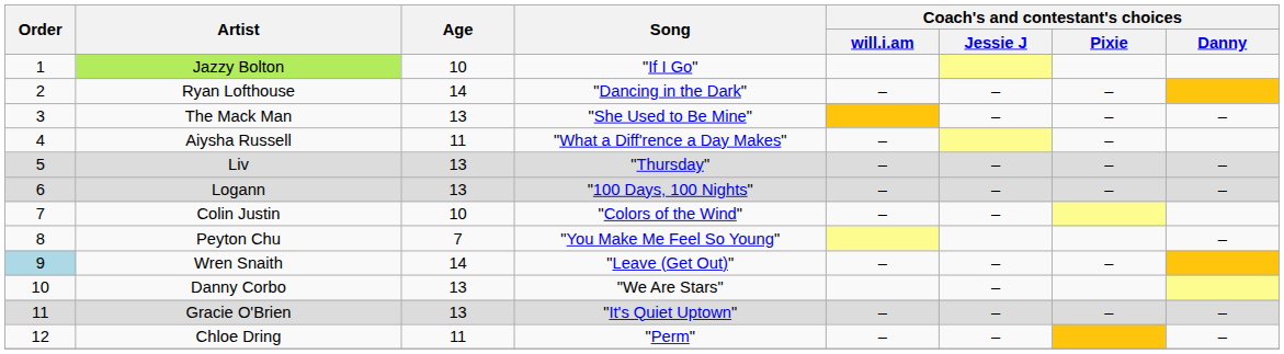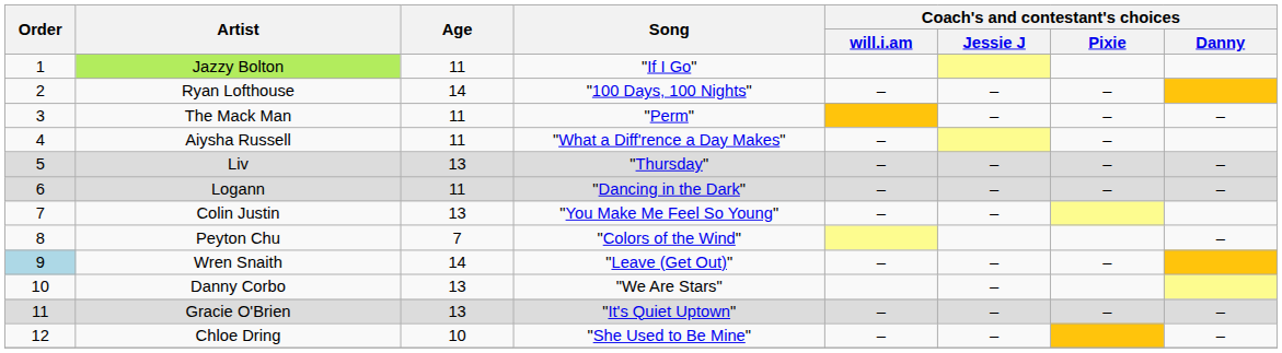 <table class="wikitable" style="text-align:center; line-height:17px; font-size:100%; width:100%;">
 <tr>
 <th width="5%" rowspan="2" scope="col">Order</th>
 <th scope="col" rowspan="2" width="23%">Artist</th>
 <th width="8%" rowspan="2" scope="col">Age</th>
 <th scope="col" rowspan="2" width="22%">Song</th>
 <th scope="col" colspan="4" width="24%">Coach's and contestant's choices</th>
 </tr>
 <tr>
 <th width="8%"><a href='#'>will.i.am</a></th>
 <th width="8%"><a href='#'>Jessie J</a></th>
 <th width="8%"><a href='#'>Pixie</a></th>
 <th width="8%"><a href='#'>Danny</a></th>
 </tr>
 <tr>
 <td scope="row">1</td>
 <td style="background-color:#B2EC5D;">Jazzy Bolton</td>
-<td>10</td>
+<td>11</td>
 <td>"<a href='#'>If I Go</a>"</td>
 <td><strong></strong></td>
 <td style="background:#fdfc8f;"><strong></strong></td>
 <td><strong></strong></td>
 <td><strong></strong></td>
 </tr>
 <tr>
 <td scope="row">2</td>
 <td>Ryan Lofthouse</td>
 <td>14</td>
-<td>"<a href='#'>Dancing in the Dark</a>"</td>
+<td>"<a href='#'>100 Days, 100 Nights</a>"</td>
 <td>–</td>
 <td>–</td>
 <td>–</td>
 <td style="background:#FFC40C;"><strong></strong></td>
 </tr>
 <tr>
 <td scope="row">3</td>
 <td>The Mack Man</td>
-<td>13</td>
-<td>"<a href='#'>She Used to Be Mine</a>"</td>
+<td>11</td>
+<td>"<a href='#'>Perm</a>"</td>
 <td style="background:#FFC40C;"><strong></strong></td>
 <td>–</td>
 <td>–</td>
 <td>–</td>
 </tr>
 <tr>
 <td scope="row">4</td>
 <td>Aiysha Russell</td>
 <td>11</td>
 <td>"<a href='#'>What a Diff'rence a Day Makes</a>"</td>
 <td>–</td>
 <td style="background:#fdfc8f;"><strong></strong></td>
 <td>–</td>
 <td><strong></strong></td>
 </tr>
 <tr bgcolor="#dcdcdc">
 <td scope="row">5</td>
 <td>Liv</td>
 <td>13</td>
 <td>"<a href='#'>Thursday</a>"</td>
 <td>–</td>
 <td>–</td>
 <td>–</td>
 <td>–</td>
 </tr>
 <tr bgcolor="#dcdcdc">
 <td scope="row">6</td>
 <td>Logann</td>
-<td>13</td>
-<td>"<a href='#'>100 Days, 100 Nights</a>"</td>
+<td>11</td>
+<td>"<a href='#'>Dancing in the Dark</a>"</td>
 <td>–</td>
 <td>–</td>
 <td>–</td>
 <td>–</td>
 </tr>
 <tr>
 <td scope="row">7</td>
 <td>Colin Justin</td>
-<td>10</td>
-<td>"<a href='#'>Colors of the Wind</a>"</td>
+<td>13</td>
+<td>"<a href='#'>You Make Me Feel So Young</a>"</td>
 <td>–</td>
 <td>–</td>
 <td style="background:#fdfc8f;"><strong></strong></td>
 <td><strong></strong></td>
 </tr>
 <tr>
 <td scope="row">8</td>
 <td>Peyton Chu</td>
 <td>7</td>
-<td>"<a href='#'>You Make Me Feel So Young</a>"</td>
+<td>"<a href='#'>Colors of the Wind</a>"</td>
 <td style="background:#fdfc8f;"><strong></strong></td>
 <td><strong></strong></td>
 <td><strong></strong></td>
 <td>–</td>
 </tr>
 <tr>
 <td scope="row" style="background: lightblue;">9</td>
 <td>Wren Snaith</td>
 <td>14</td>
 <td>"<a href='#'>Leave (Get Out)</a>"</td>
 <td>–</td>
 <td>–</td>
 <td>–</td>
 <td style="background:#FFC40C;"><strong></strong></td>
 </tr>
 <tr>
 <td scope="row">10</td>
 <td>Danny Corbo</td>
 <td>13</td>
 <td>"We Are Stars"</td>
 <td><strong></strong></td>
 <td>–</td>
 <td><strong></strong></td>
 <td style="background:#fdfc8f;"><strong></strong></td>
 </tr>
 <tr bgcolor="#dcdcdc">
 <td scope="row">11</td>
 <td>Gracie O'Brien</td>
 <td>13</td>
 <td>"<a href='#'>It's Quiet Uptown</a>"</td>
 <td>–</td>
 <td>–</td>
 <td>–</td>
 <td>–</td>
 </tr>
 <tr>
 <td scope="row">12</td>
 <td>Chloe Dring</td>
-<td>11</td>
-<td>"<a href='#'>Perm</a>"</td>
+<td>10</td>
+<td>"<a href='#'>She Used to Be Mine</a>"</td>
 <td>–</td>
 <td>–</td>
 <td style="background:#FFC40C;"><strong></strong></td>
 <td>–</td>
 </tr>
 <tr>
 </tr>
 </table>
